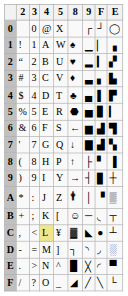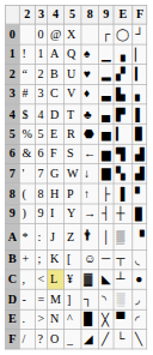 <table class="wikitable">
 <tr style="font-weight:bold; background-color:#c0c0c0;">
 <th></th>
 <th>2</th>
 <th>3</th>
 <th>4</th>
 <th>5</th>
 <th>8</th>
 <th>9</th>
+<th>E</th>
 <th>F</th>
-<th>E</th>
 </tr>
 <tr>
 <th style="font-weight:bold; background-color:#c0c0c0;">0</th>
 <td></td>
 <td>0</td>
 <td>@</td>
 <td>X</td>
 <td></td>
 <td>┌</td>
+<td>◯</td>
 <td>┘</td>
-<td>◯</td>
 </tr>
 <tr>
 <th style="font-weight:bold; background-color:#c0c0c0;">1</th>
 <td>!</td>
 <td>1</td>
 <td>A</td>
-<td>W</td>
+<td>Q</td>
 <td>♠</td>
 <td>▁</td>
+<td>▗</td>
 <td>▏</td>
-<td>▗</td>
 </tr>
 <tr>
 <th style="font-weight:bold; background-color:#c0c0c0;">2</th>
 <td>“</td>
 <td>2</td>
 <td>B</td>
 <td>U</td>
 <td>♥</td>
 <td>▂</td>
+<td>▞</td>
 <td>▎</td>
-<td>▞</td>
 </tr>
 <tr>
 <th style="font-weight:bold; background-color:#c0c0c0;">3</th>
 <td>#</td>
 <td>3</td>
 <td>C</td>
 <td>V</td>
 <td>♦</td>
 <td>▃</td>
+<td>▙</td>
 <td>▖</td>
-<td>▙</td>
 </tr>
 <tr>
 <th style="font-weight:bold; background-color:#c0c0c0;">4</th>
 <td>$</td>
 <td>4</td>
 <td>D</td>
 <td>T</td>
 <td>♣</td>
 <td>▄</td>
+<td>▛</td>
 <td>▌</td>
-<td>▛</td>
 </tr>
 <tr>
 <th style="font-weight:bold; background-color:#c0c0c0;">5</th>
 <td>%</td>
 <td>5</td>
 <td>E</td>
 <td>R</td>
 <td>⬣</td>
 <td>▅</td>
+<td>▎</td>
 <td>▊</td>
-<td>▎</td>
 </tr>
 <tr>
 <th style="font-weight:bold; background-color:#c0c0c0;">6</th>
 <td>&</td>
 <td>6</td>
 <td>F</td>
 <td>S</td>
 <td>←</td>
 <td>▆</td>
+<td>▜</td>
 <td>▟</td>
-<td>▜</td>
 </tr>
 <tr>
 <th style="font-weight:bold; background-color:#c0c0c0;">7</th>
 <td>'</td>
 <td>7</td>
 <td>G</td>
-<td>Q</td>
+<td>W</td>
 <td>↓</td>
 <td>▇</td>
+<td>▚</td>
 <td>▟</td>
-<td>▚</td>
 </tr>
 <tr>
 <th style="font-weight:bold; background-color:#c0c0c0;">8</th>
 <td>(</td>
 <td>8</td>
 <td>H</td>
 <td>P</td>
 <td>↑</td>
 <td>├</td>
+<td>▐</td>
 <td>▘</td>
-<td>▐</td>
 </tr>
 <tr>
 <th style="font-weight:bold; background-color:#c0c0c0;">9</th>
 <td>)</td>
 <td>9</td>
 <td>I</td>
 <td>Y</td>
 <td>→</td>
 <td>┤</td>
+<td>┼</td>
 <td>▊</td>
-<td>┼</td>
 </tr>
 <tr>
 <th style="font-weight:bold; background-color:#c0c0c0;">A</th>
 <td>*</td>
 <td>:</td>
 <td>J</td>
 <td>Z</td>
 <td>🛉</td>
 <td>│</td>
+<td>▒</td>
 <td>▝</td>
-<td>▒</td>
 </tr>
 <tr>
 <th style="font-weight:bold; background-color:#c0c0c0;">B</th>
 <td>+</td>
 <td>;</td>
 <td>K</td>
 <td>[</td>
 <td>☺</td>
 <td>─</td>
+<td>┬</td>
 <td>◟</td>
-<td>┬</td>
 </tr>
 <tr>
 <th style="font-weight:bold; background-color:#c0c0c0;">C</th>
 <td>,</td>
 <td><</td>
 <td style="background: khaki;">L</td>
 <td>¥</td>
 <td>▓</td>
 <td>◣</td>
+<td>┴</td>
 <td>●</td>
-<td>┴</td>
 </tr>
 <tr>
 <th style="font-weight:bold; background-color:#c0c0c0;">D</th>
 <td>-</td>
 <td>=</td>
 <td>M</td>
 <td>]</td>
 <td>┐</td>
 <td>◝</td>
+<td>░</td>
 <td>◞</td>
-<td>░</td>
 </tr>
 <tr>
 <th style="font-weight:bold; background-color:#c0c0c0;">E</th>
 <td>.</td>
 <td>></td>
 <td>N</td>
 <td>^</td>
 <td>█</td>
 <td>╳</td>
+<td>▀</td>
 <td>◜</td>
-<td>▀</td>
 </tr>
 <tr>
 <th style="font-weight:bold; background-color:#c0c0c0;">F</th>
 <td>/</td>
 <td>?</td>
 <td>O</td>
 <td>_</td>
 <td>◢</td>
 <td>╱</td>
+<td>└</td>
 <td>╲</td>
-<td>└</td>
 </tr>
 </table>
